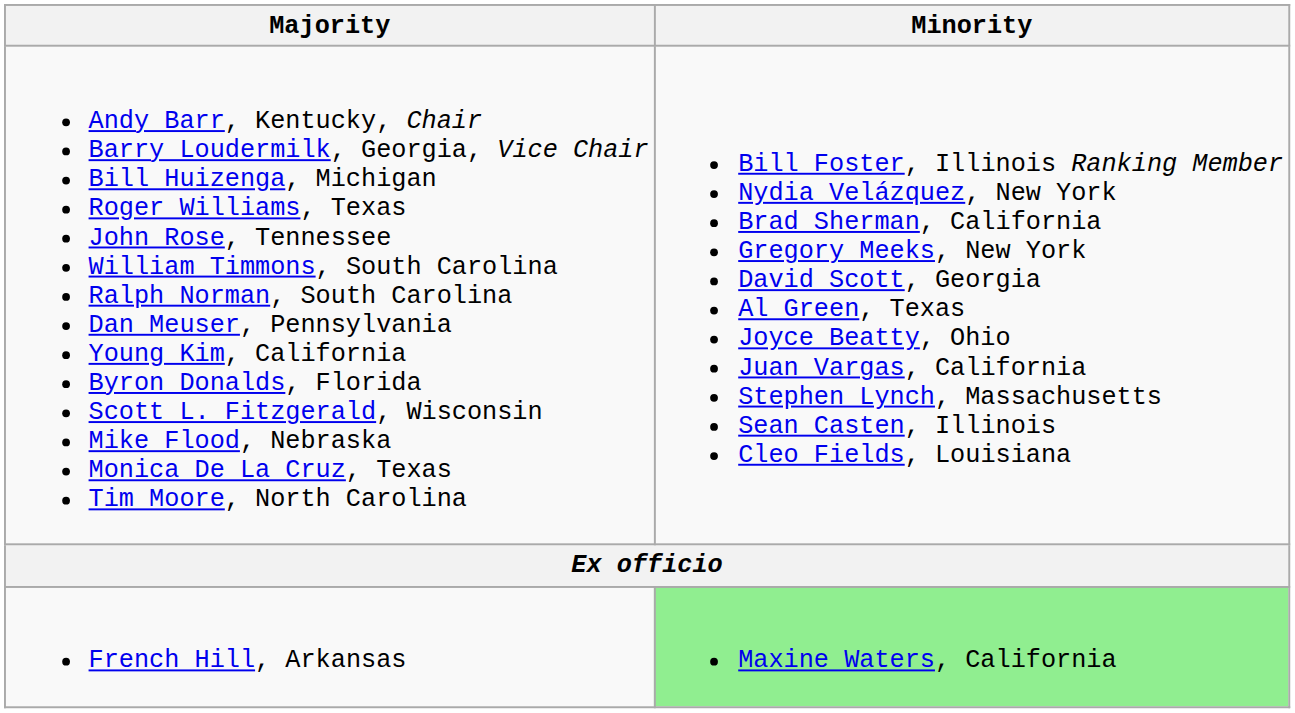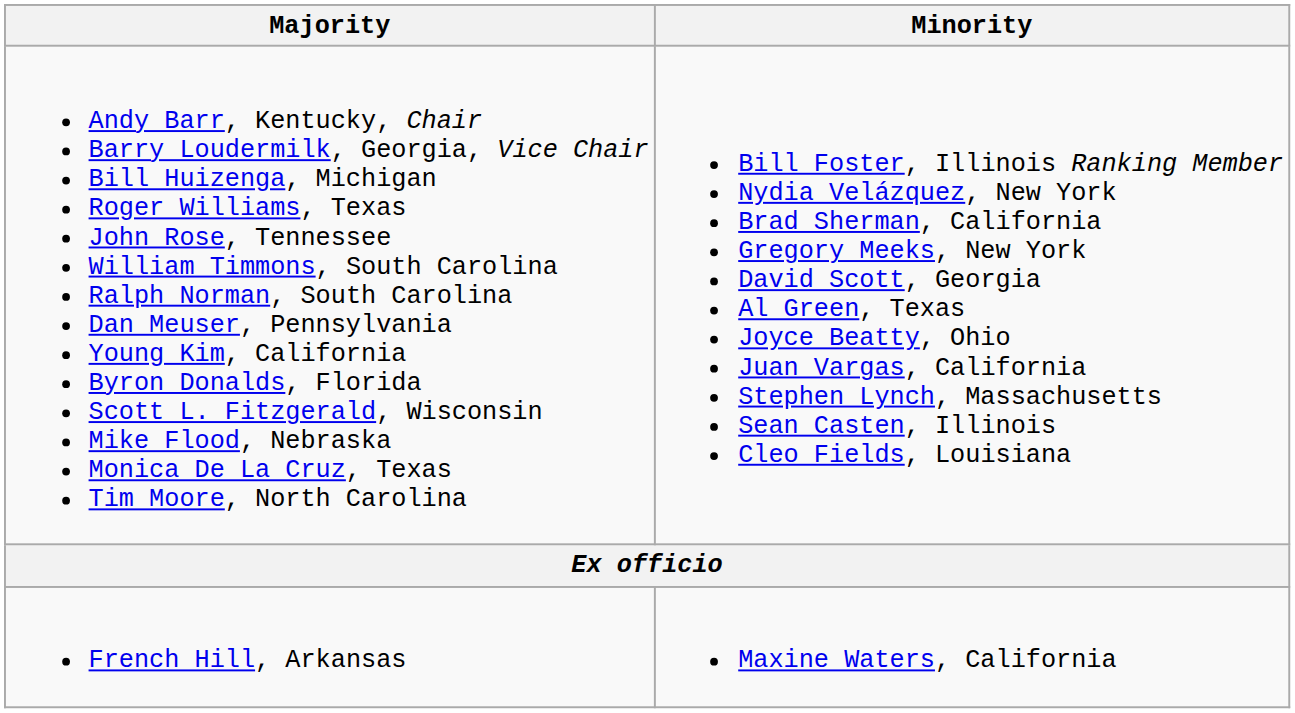 <table class=wikitable>
 <tr>
 <th>Majority</th>
 <th>Minority</th>
 </tr>
 <tr>
 <td><br><ul><li><a href='#'>Andy Barr</a>, Kentucky, <em>Chair</em></li><li><a href='#'>Barry Loudermilk</a>, Georgia, <em>Vice Chair</em></li><li><a href='#'>Bill Huizenga</a>, Michigan</li><li><a href='#'>Roger Williams</a>, Texas</li><li><a href='#'>John Rose</a>, Tennessee</li><li><a href='#'>William Timmons</a>, South Carolina</li><li><a href='#'>Ralph Norman</a>, South Carolina</li><li><a href='#'>Dan Meuser</a>, Pennsylvania</li><li><a href='#'>Young Kim</a>, California</li><li><a href='#'>Byron Donalds</a>, Florida</li><li><a href='#'>Scott L. Fitzgerald</a>, Wisconsin</li><li><a href='#'>Mike Flood</a>, Nebraska</li><li><a href='#'>Monica De La Cruz</a>, Texas</li><li><a href='#'>Tim Moore</a>, North Carolina</li></ul></td>
 <td><br><ul><li><a href='#'>Bill Foster</a>, Illinois <em>Ranking Member</em></li><li><a href='#'>Nydia Velázquez</a>, New York</li><li><a href='#'>Brad Sherman</a>, California</li><li><a href='#'>Gregory Meeks</a>, New York</li><li><a href='#'>David Scott</a>, Georgia</li><li><a href='#'>Al Green</a>, Texas</li><li><a href='#'>Joyce Beatty</a>, Ohio</li><li><a href='#'>Juan Vargas</a>, California</li><li><a href='#'>Stephen Lynch</a>, Massachusetts</li><li><a href='#'>Sean Casten</a>, Illinois</li><li><a href='#'>Cleo Fields</a>, Louisiana</li></ul></td>
 </tr>
 <tr>
 <th colspan=2><em>Ex officio</em></th>
 </tr>
 <tr>
 <td><br><ul><li><a href='#'>French Hill</a>, Arkansas</li></ul></td>
-<td style="background: lightgreen;"><br><ul><li><a href='#'>Maxine Waters</a>, California</li></ul></td>
+<td><br><ul><li><a href='#'>Maxine Waters</a>, California</li></ul></td>
 </tr>
 </table>
